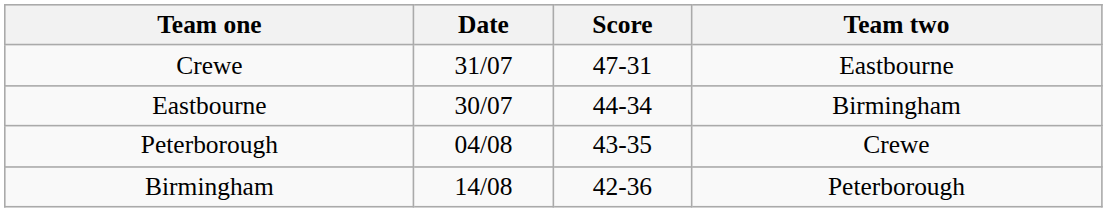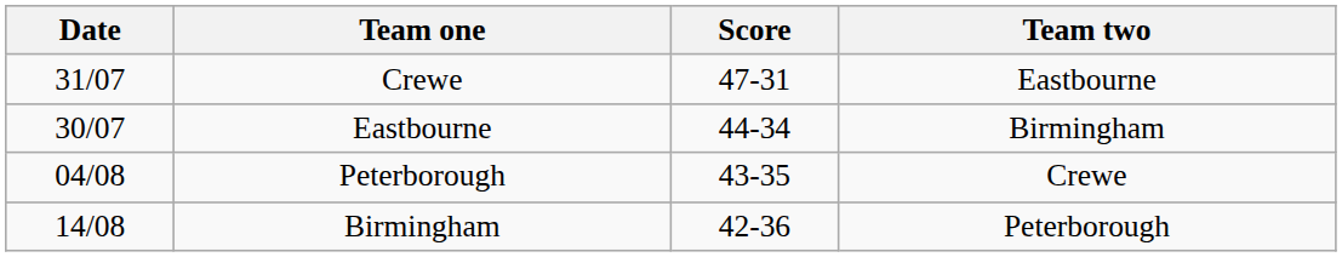 <table class="wikitable" style="text-align: center">
 <tr>
+<th width=80>Date</th>
 <th width=250>Team one</th>
-<th width=80>Date</th>
 <th width=80>Score</th>
 <th width=250>Team two</th>
 </tr>
 <tr>
+<td>31/07</td>
 <td>Crewe</td>
-<td>31/07</td>
 <td>47-31</td>
 <td>Eastbourne</td>
 </tr>
 <tr>
+<td>30/07</td>
 <td>Eastbourne</td>
-<td>30/07</td>
 <td>44-34</td>
 <td>Birmingham</td>
 </tr>
 <tr>
+<td>04/08</td>
 <td>Peterborough</td>
-<td>04/08</td>
 <td>43-35</td>
 <td>Crewe</td>
 </tr>
 <tr>
+<td>14/08</td>
 <td>Birmingham</td>
-<td>14/08</td>
 <td>42-36</td>
 <td>Peterborough</td>
 </tr>
 </table>
